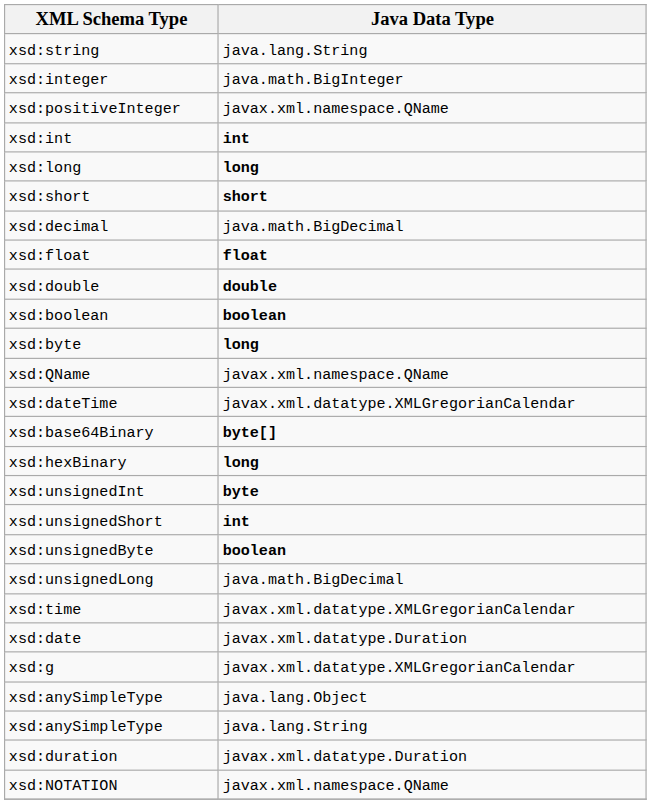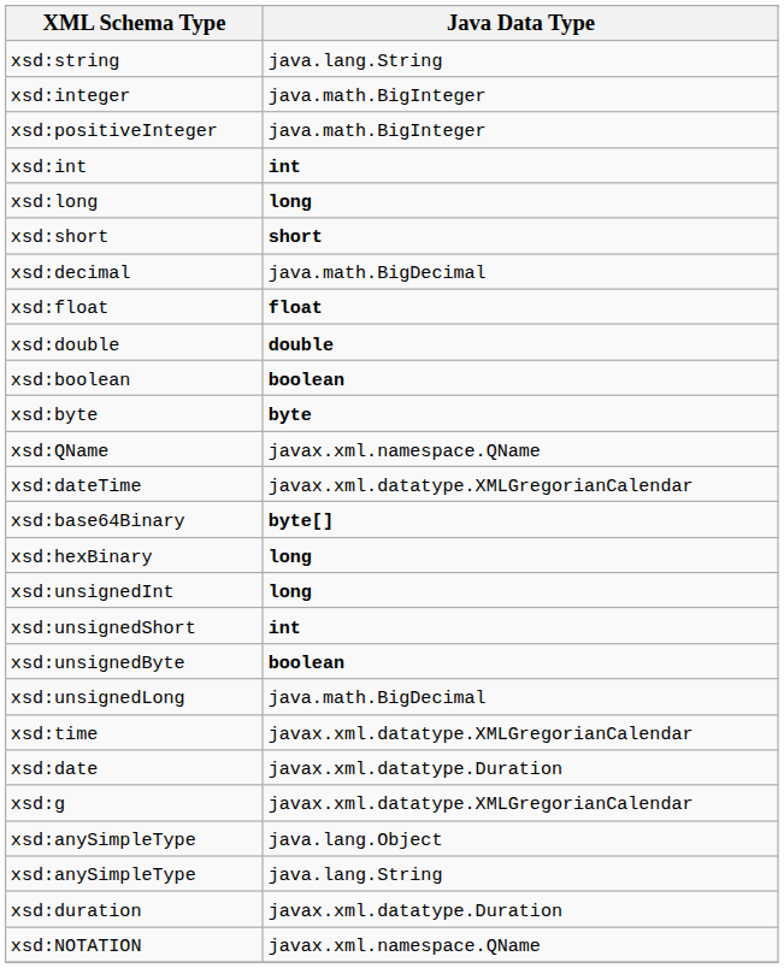 <table class="wikitable sortable" style="font-size: 100%; text-align: left; width: 35%;">
 <tr>
 <th>XML Schema Type</th>
 <th>Java Data Type</th>
 </tr>
 <tr>
 <td><code>xsd:string</code></td>
 <td><code>java.lang.String</code></td>
 </tr>
 <tr>
 <td><code>xsd:integer</code></td>
 <td><code>java.math.BigInteger</code></td>
 </tr>
 <tr>
 <td><code>xsd:positiveInteger</code></td>
-<td><code>javax.xml.namespace.QName</code></td>
+<td><code>java.math.BigInteger</code></td>
 </tr>
 <tr>
 <td><code>xsd:int</code></td>
 <td><code><strong>int</strong></code></td>
 </tr>
 <tr>
 <td><code>xsd:long</code></td>
 <td><code><strong>long</strong></code></td>
 </tr>
 <tr>
 <td><code>xsd:short</code></td>
 <td><code><strong>short</strong></code></td>
 </tr>
 <tr>
 <td><code>xsd:decimal</code></td>
 <td><code>java.math.BigDecimal</code></td>
 </tr>
 <tr>
 <td><code>xsd:float</code></td>
 <td><code><strong>float</strong></code></td>
 </tr>
 <tr>
 <td><code>xsd:double</code></td>
 <td><code><strong>double</strong></code></td>
 </tr>
 <tr>
 <td><code>xsd:boolean</code></td>
 <td><code><strong>boolean</strong></code></td>
 </tr>
 <tr>
 <td><code>xsd:byte</code></td>
-<td><code><strong>long</strong></code></td>
+<td><code><strong>byte</strong></code></td>
 </tr>
 <tr>
 <td><code>xsd:QName</code></td>
 <td><code>javax.xml.namespace.QName</code></td>
 </tr>
 <tr>
 <td><code>xsd:dateTime</code></td>
 <td><code>javax.xml.datatype.XMLGregorianCalendar</code></td>
 </tr>
 <tr>
 <td><code>xsd:base64Binary</code></td>
 <td><code><strong>byte[]</strong></code></td>
 </tr>
 <tr>
 <td><code>xsd:hexBinary</code></td>
 <td><code><strong>long</strong></code></td>
 </tr>
 <tr>
 <td><code>xsd:unsignedInt</code></td>
-<td><code><strong>byte</strong></code></td>
+<td><code><strong>long</strong></code></td>
 </tr>
 <tr>
 <td><code>xsd:unsignedShort</code></td>
 <td><code><strong>int</strong></code></td>
 </tr>
 <tr>
 <td><code>xsd:unsignedByte</code></td>
 <td><code><strong>boolean</strong></code></td>
 </tr>
 <tr>
 <td><code>xsd:unsignedLong</code></td>
 <td><code>java.math.BigDecimal</code></td>
 </tr>
 <tr>
 <td><code>xsd:time</code></td>
 <td><code>javax.xml.datatype.XMLGregorianCalendar</code></td>
 </tr>
 <tr>
 <td><code>xsd:date</code></td>
 <td><code>javax.xml.datatype.Duration</code></td>
 </tr>
 <tr>
 <td><code>xsd:g</code></td>
 <td><code>javax.xml.datatype.XMLGregorianCalendar</code></td>
 </tr>
 <tr>
 <td><code>xsd:anySimpleType</code></td>
 <td><code>java.lang.Object</code></td>
 </tr>
 <tr>
 <td><code>xsd:anySimpleType</code></td>
 <td><code>java.lang.String</code></td>
 </tr>
 <tr>
 <td><code>xsd:duration</code></td>
 <td><code>javax.xml.datatype.Duration</code></td>
 </tr>
 <tr>
 <td><code>xsd:NOTATION</code></td>
 <td><code>javax.xml.namespace.QName</code></td>
 </tr>
 <tr>
 </tr>
 </table>
